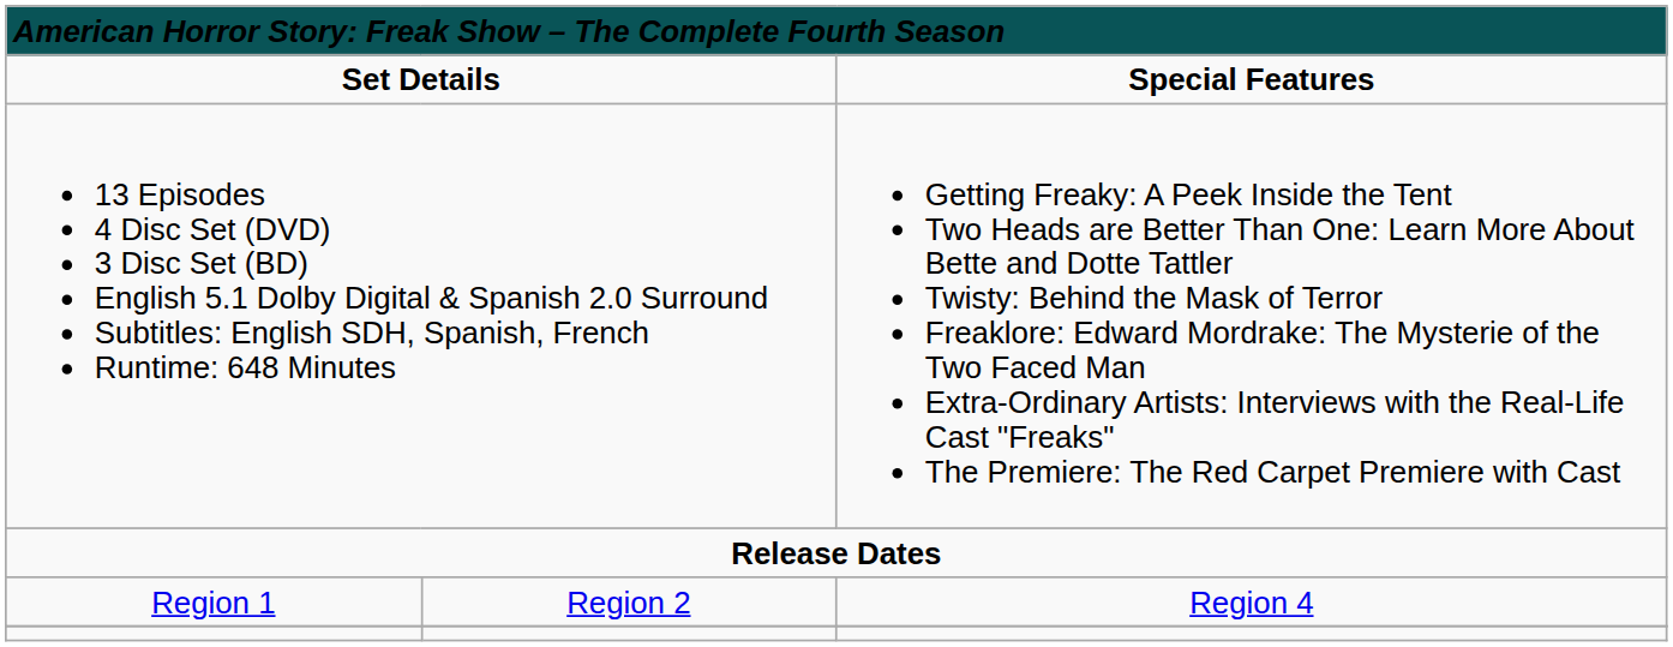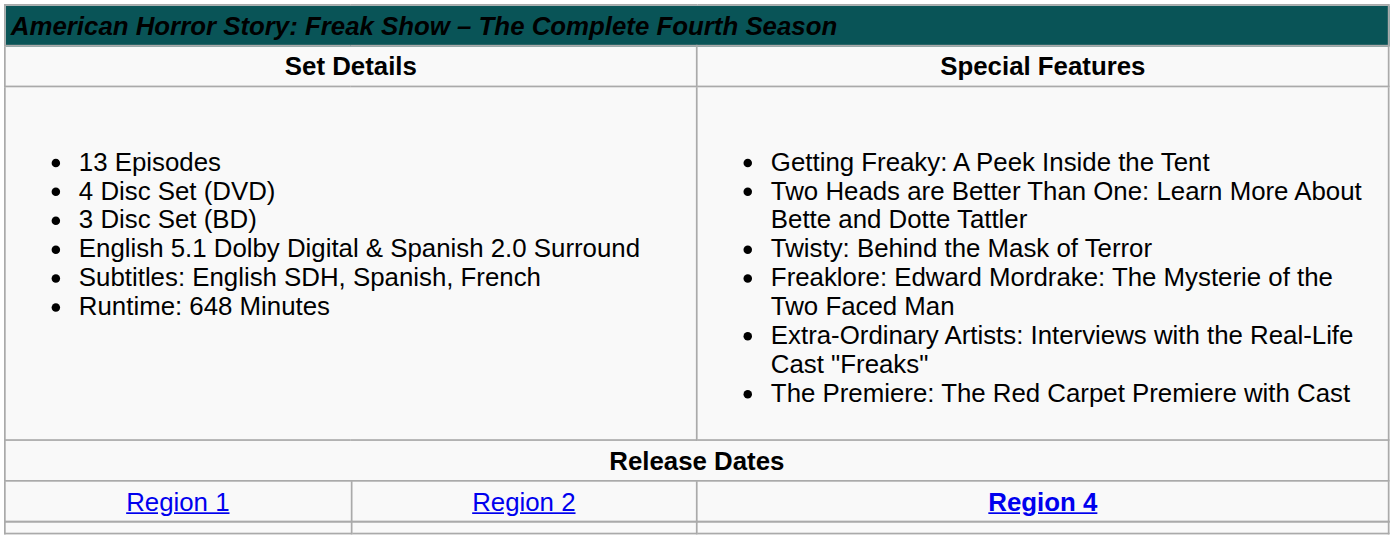 <table class="wikitable" style="font-size: 95%;">
 <tr style="background:#095457;">
 <td colspan="3"><span> <strong><em>American Horror Story: Freak Show – The Complete Fourth Season</em></strong></span></td>
 </tr>
 <tr style="vertical-align:top; text-align:center;">
 <td style="width:400px;" colspan="2"><strong>Set Details</strong></td>
 <td style="width:400px; " colspan="2"><strong>Special Features</strong></td>
 </tr>
 <tr valign="top">
 <td colspan="2"  style="text-align:left; width:400px;"><br><ul><li>13 Episodes</li><li>4 Disc Set (DVD)</li><li>3 Disc Set (BD)</li><li>English 5.1 Dolby Digital & Spanish 2.0 Surround</li><li>Subtitles: English SDH, Spanish, French</li><li>Runtime: 648 Minutes</li></ul></td>
 <td colspan="3"  style="text-align:left; width:400px;"><br><ul><li>Getting Freaky: A Peek Inside the Tent</li><li>Two Heads are Better Than One: Learn More About Bette and Dotte Tattler</li><li>Twisty: Behind the Mask of Terror</li><li>Freaklore: Edward Mordrake: The Mysterie of the Two Faced Man</li><li>Extra-Ordinary Artists: Interviews with the Real-Life Cast "Freaks"</li><li>The Premiere: The Red Carpet Premiere with Cast</li></ul></td>
 </tr>
 <tr>
 <td colspan="3" style="text-align:center;"><strong>Release Dates</strong></td>
 </tr>
 <tr>
 <td style="text-align:center;"><a href='#'>Region 1</a></td>
 <td style="text-align:center;"><a href='#'>Region 2</a></td>
-<td style="text-align:center;"><a href='#'>Region 4</a></td>
+<td style="text-align:center;"><strong><a href='#'>Region 4</a></strong></td>
 </tr>
 <tr style="text-align:center;">
 </tr>
 <tr style="text-align:center;">
 </tr>
 <tr>
 <td colspan="1"></td>
 <td colspan="1"></td>
 <td colspan="1"></td>
 </tr>
 </table>
